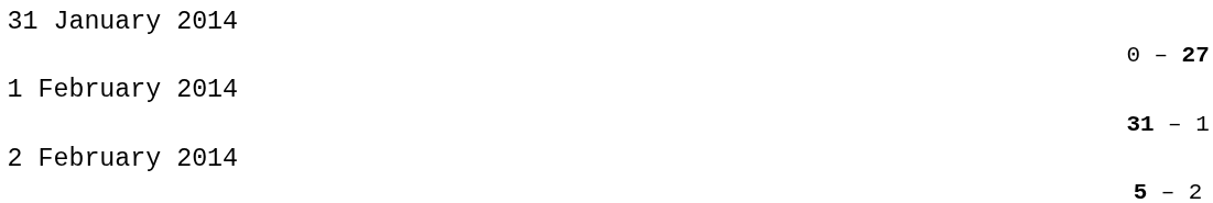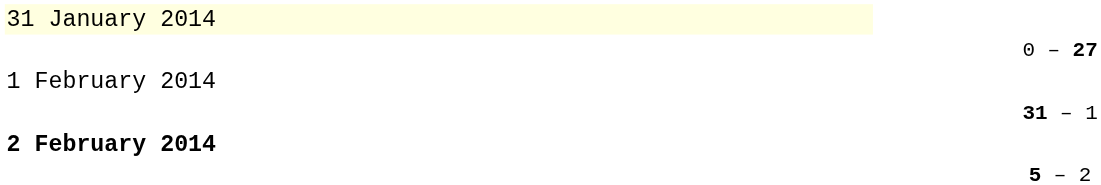 <table style="width:70%;" cellspacing="1">
 <tr>
 <th width=35%></th>
 <th width=15%></th>
 <th></th>
 </tr>
 <tr>
-<td>31 January 2014</td>
+<td style="background: lightyellow;">31 January 2014</td>
 </tr>
 <tr style=font-size:90%>
 <td align=right></td>
 <td align=center>0 – <strong>27</strong></td>
 <td><strong></strong></td>
 </tr>
 <tr>
 <td>1 February 2014</td>
 </tr>
 <tr style=font-size:90%>
 <td align=right><strong></strong></td>
 <td align=center><strong>31</strong> – 1</td>
 <td></td>
 </tr>
 <tr>
-<td>2 February 2014</td>
+<td><strong>2 February 2014</strong></td>
 </tr>
 <tr style=font-size:90%>
 <td align=right><strong></strong></td>
 <td align=center><strong>5</strong> – 2</td>
 <td></td>
 </tr>
 </table>
